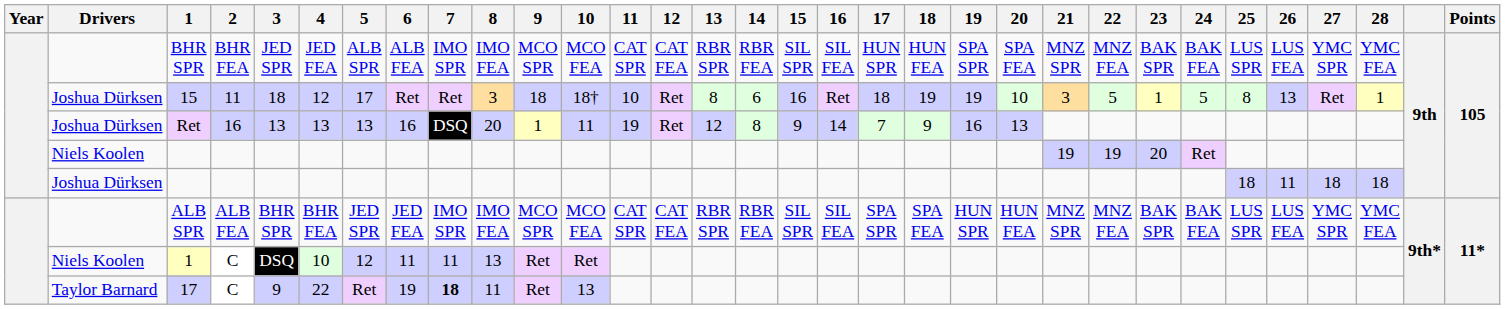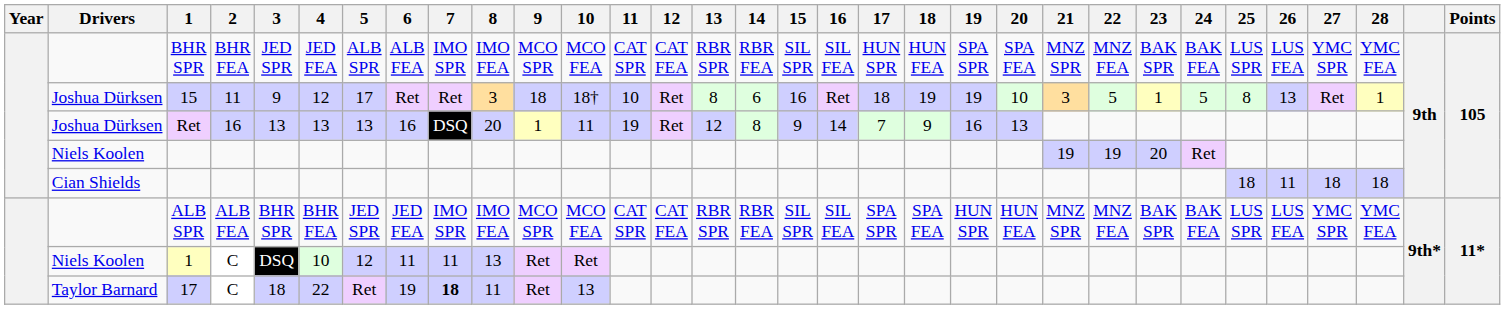 <table class="wikitable" style="text-align:center; font-size:85%">
 <tr>
 <th>Year</th>
 <th>Drivers</th>
 <th>1</th>
 <th>2</th>
 <th>3</th>
 <th>4</th>
 <th>5</th>
 <th>6</th>
 <th>7</th>
 <th>8</th>
 <th>9</th>
 <th>10</th>
 <th>11</th>
 <th>12</th>
 <th>13</th>
 <th>14</th>
 <th>15</th>
 <th>16</th>
 <th>17</th>
 <th>18</th>
 <th>19</th>
 <th>20</th>
 <th>21</th>
 <th>22</th>
 <th>23</th>
 <th>24</th>
 <th>25</th>
 <th>26</th>
 <th>27</th>
 <th>28</th>
 <th></th>
 <th>Points</th>
 </tr>
 <tr>
 <th rowspan="5"></th>
 <td></td>
 <td><a href='#'>BHR<br>SPR</a></td>
 <td><a href='#'>BHR<br>FEA</a></td>
 <td><a href='#'>JED<br>SPR</a></td>
 <td><a href='#'>JED<br>FEA</a></td>
 <td><a href='#'>ALB<br>SPR</a></td>
 <td><a href='#'>ALB<br>FEA</a></td>
 <td><a href='#'>IMO<br>SPR</a></td>
 <td><a href='#'>IMO<br>FEA</a></td>
 <td><a href='#'>MCO<br>SPR</a></td>
 <td><a href='#'>MCO<br>FEA</a></td>
 <td><a href='#'>CAT<br>SPR</a></td>
 <td><a href='#'>CAT<br>FEA</a></td>
 <td><a href='#'>RBR<br>SPR</a></td>
 <td><a href='#'>RBR<br>FEA</a></td>
 <td><a href='#'>SIL<br>SPR</a></td>
 <td><a href='#'>SIL<br>FEA</a></td>
 <td><a href='#'>HUN<br>SPR</a></td>
 <td><a href='#'>HUN<br>FEA</a></td>
 <td><a href='#'>SPA<br>SPR</a></td>
 <td><a href='#'>SPA<br>FEA</a></td>
 <td><a href='#'>MNZ<br>SPR</a></td>
 <td><a href='#'>MNZ<br>FEA</a></td>
 <td><a href='#'>BAK<br>SPR</a></td>
 <td><a href='#'>BAK<br>FEA</a></td>
 <td><a href='#'>LUS<br>SPR</a></td>
 <td><a href='#'>LUS<br>FEA</a></td>
 <td><a href='#'>YMC<br>SPR</a></td>
 <td><a href='#'>YMC<br>FEA</a></td>
 <th rowspan="5" style="background:#;">9th</th>
 <th rowspan="5" style="background:#;">105</th>
 </tr>
 <tr>
 <td align=left nowrap> <a href='#'>Joshua Dürksen</a></td>
 <td style="background:#CFCFFF;">15</td>
 <td style="background:#CFCFFF;">11</td>
-<td style="background:#CFCFFF;">18</td>
+<td style="background:#CFCFFF;">9</td>
 <td style="background:#CFCFFF;">12</td>
 <td style="background:#CFCFFF;">17</td>
 <td style="background:#EFCFFF;">Ret</td>
 <td style="background:#EFCFFF;">Ret</td>
 <td style="background:#FFDF9F;">3</td>
 <td style="background:#CFCFFF;">18</td>
 <td style="background:#CFCFFF;">18†</td>
 <td style="background:#CFCFFF;">10</td>
 <td style="background:#EFCFFF;">Ret</td>
 <td style="background:#DFFFDF;">8</td>
 <td style="background:#DFFFDF;">6</td>
 <td style="background:#CFCFFF;">16</td>
 <td style="background:#EFCFFF;">Ret</td>
 <td style="background:#CFCFFF;">18</td>
 <td style="background:#CFCFFF;">19</td>
 <td style="background:#CFCFFF;">19</td>
 <td style="background:#DFFFDF;">10</td>
 <td style="background:#FFDF9F;">3</td>
 <td style="background:#DFFFDF;">5</td>
 <td style="background:#FFFFBF;">1</td>
 <td style="background:#DFFFDF;">5</td>
 <td style="background:#DFFFDF;">8</td>
 <td style="background:#CFCFFF;">13</td>
 <td style="background:#EFCFFF;">Ret</td>
 <td style="background:#FFFFBF;">1</td>
 </tr>
 <tr>
 <td align=left nowrap> <a href='#'>Joshua Dürksen</a></td>
 <td style="background:#EFCFFF;">Ret</td>
 <td style="background:#CFCFFF;">16</td>
 <td style="background:#CFCFFF;">13</td>
 <td style="background:#CFCFFF;">13</td>
 <td style="background:#CFCFFF;">13</td>
 <td style="background:#CFCFFF;">16</td>
 <td style="background:#000000;color:white">DSQ</td>
 <td style="background:#CFCFFF;">20</td>
 <td style="background:#FFFFBF;">1</td>
 <td style="background:#CFCFFF;">11</td>
 <td style="background:#CFCFFF;">19</td>
 <td style="background:#EFCFFF;">Ret</td>
 <td style="background:#CFCFFF;">12</td>
 <td style="background:#DFFFDF;">8</td>
 <td style="background:#CFCFFF;">9</td>
 <td style="background:#CFCFFF;">14</td>
 <td style="background:#DFFFDF;">7</td>
 <td style="background:#DFFFDF;">9</td>
 <td style="background:#CFCFFF;">16</td>
 <td style="background:#CFCFFF;">13</td>
 <td></td>
 <td></td>
 <td></td>
 <td></td>
 <td></td>
 <td></td>
 <td></td>
 <td></td>
 </tr>
 <tr>
 <td align=left nowrap> <a href='#'>Niels Koolen</a></td>
 <td></td>
 <td></td>
 <td></td>
 <td></td>
 <td></td>
 <td></td>
 <td></td>
 <td></td>
 <td></td>
 <td></td>
 <td></td>
 <td></td>
 <td></td>
 <td></td>
 <td></td>
 <td></td>
 <td></td>
 <td></td>
 <td></td>
 <td></td>
 <td style="background:#CFCFFF;">19</td>
 <td style="background:#CFCFFF;">19</td>
 <td style="background:#CFCFFF;">20</td>
 <td style="background:#EFCFFF;">Ret</td>
 <td></td>
 <td></td>
 <td></td>
 <td></td>
 </tr>
 <tr>
-<td align=left nowrap> <a href='#'>Joshua Dürksen</a></td>
+<td align=left nowrap> <a href='#'>Cian Shields</a></td>
 <td></td>
 <td></td>
 <td></td>
 <td></td>
 <td></td>
 <td></td>
 <td></td>
 <td></td>
 <td></td>
 <td></td>
 <td></td>
 <td></td>
 <td></td>
 <td></td>
 <td></td>
 <td></td>
 <td></td>
 <td></td>
 <td></td>
 <td></td>
 <td></td>
 <td></td>
 <td></td>
 <td></td>
 <td style="background:#CFCFFF;">18</td>
 <td style="background:#CFCFFF;">11</td>
 <td style="background:#CFCFFF;">18</td>
 <td style="background:#CFCFFF;">18</td>
 </tr>
 <tr>
 <th rowspan=3></th>
 <td></td>
 <td><a href='#'>ALB<br>SPR</a></td>
 <td><a href='#'>ALB<br>FEA</a></td>
 <td><a href='#'>BHR<br>SPR</a></td>
 <td><a href='#'>BHR<br>FEA</a></td>
 <td><a href='#'>JED<br>SPR</a></td>
 <td><a href='#'>JED<br>FEA</a></td>
 <td><a href='#'>IMO<br>SPR</a></td>
 <td><a href='#'>IMO<br>FEA</a></td>
 <td><a href='#'>MCO<br>SPR</a></td>
 <td><a href='#'>MCO<br>FEA</a></td>
 <td><a href='#'>CAT<br>SPR</a></td>
 <td><a href='#'>CAT<br>FEA</a></td>
 <td><a href='#'>RBR<br>SPR</a></td>
 <td><a href='#'>RBR<br>FEA</a></td>
 <td><a href='#'>SIL<br>SPR</a></td>
 <td><a href='#'>SIL<br>FEA</a></td>
 <td><a href='#'>SPA<br>SPR</a></td>
 <td><a href='#'>SPA<br>FEA</a></td>
 <td><a href='#'>HUN<br>SPR</a></td>
 <td><a href='#'>HUN<br>FEA</a></td>
 <td><a href='#'>MNZ<br>SPR</a></td>
 <td><a href='#'>MNZ<br>FEA</a></td>
 <td><a href='#'>BAK<br>SPR</a></td>
 <td><a href='#'>BAK<br>FEA</a></td>
 <td><a href='#'>LUS<br>SPR</a></td>
 <td><a href='#'>LUS<br>FEA</a></td>
 <td><a href='#'>YMC<br>SPR</a></td>
 <td><a href='#'>YMC<br>FEA</a></td>
 <th rowspan=3 style="background:#;">9th*</th>
 <th rowspan=3 style="background:#;">11*</th>
 </tr>
 <tr>
 <td align=left nowrap> <a href='#'>Niels Koolen</a></td>
 <td style="background:#FFFFBF;">1</td>
 <td style="background:#FFFFFF;">C</td>
 <td style="background:#000000;color:white">DSQ</td>
 <td style="background:#DFFFDF;">10</td>
 <td style="background:#CFCFFF;">12</td>
 <td style="background:#CFCFFF;">11</td>
 <td style="background:#CFCFFF;">11</td>
 <td style="background:#CFCFFF;">13</td>
 <td style="background:#EFCFFF;">Ret</td>
 <td style="background:#EFCFFF;">Ret</td>
 <td></td>
 <td></td>
 <td></td>
 <td></td>
 <td></td>
 <td></td>
 <td></td>
 <td></td>
 <td></td>
 <td></td>
 <td></td>
 <td></td>
 <td></td>
 <td></td>
 <td></td>
 <td></td>
 <td></td>
 <td></td>
 </tr>
 <tr>
 <td align=left nowrap> <a href='#'>Taylor Barnard</a></td>
 <td style="background:#CFCFFF;">17</td>
 <td style="background:#FFFFFF;">C</td>
-<td style="background:#CFCFFF;">9</td>
+<td style="background:#CFCFFF;">18</td>
 <td style="background:#CFCFFF;">22</td>
 <td style="background:#EFCFFF;">Ret</td>
 <td style="background:#CFCFFF;">19</td>
 <td style="background:#CFCFFF;"><strong>18</strong></td>
 <td style="background:#CFCFFF;">11</td>
 <td style="background:#EFCFFF;">Ret</td>
 <td style="background:#CFCFFF;">13</td>
 <td></td>
 <td></td>
 <td></td>
 <td></td>
 <td></td>
 <td></td>
 <td></td>
 <td></td>
 <td></td>
 <td></td>
 <td></td>
 <td></td>
 <td></td>
 <td></td>
 <td></td>
 <td></td>
 <td></td>
 <td></td>
 </tr>
 </table>
